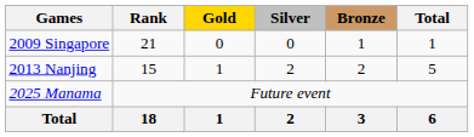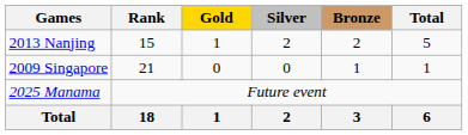 <table class="wikitable sortable" style="margin-top:0; text-align:center;">
 <tr>
 <th>Games</th>
 <th style="width:4em;">Rank</th>
 <th style="background:gold; width:4em;">Gold</th>
 <th style="background:silver; width:4em;">Silver</th>
 <th style="background:#c96; width:4em;">Bronze</th>
 <th style="width:4em;">Total</th>
 </tr>
 <tr>
+<td align=left> <a href='#'>2013 Nanjing</a></td>
+<td>15</td>
+<td>1</td>
+<td>2</td>
+<td>2</td>
+<td>5</td>
+</tr>
+<tr>
 <td align=left> <a href='#'>2009 Singapore</a></td>
 <td>21</td>
 <td>0</td>
 <td>0</td>
 <td>1</td>
 <td>1</td>
-</tr>
-<tr>
-<td align=left> <a href='#'>2013 Nanjing</a></td>
-<td>15</td>
-<td>1</td>
-<td>2</td>
-<td>2</td>
-<td>5</td>
 </tr>
 <tr>
 <td align=left> <a href='#'><em>2025 Manama</em></a></td>
 <td colspan=5><em>Future event</em></td>
 </tr>
 <tr>
 <th>Total</th>
 <th>18</th>
 <th>1</th>
 <th>2</th>
 <th>3</th>
 <th>6</th>
 </tr>
 </table>
